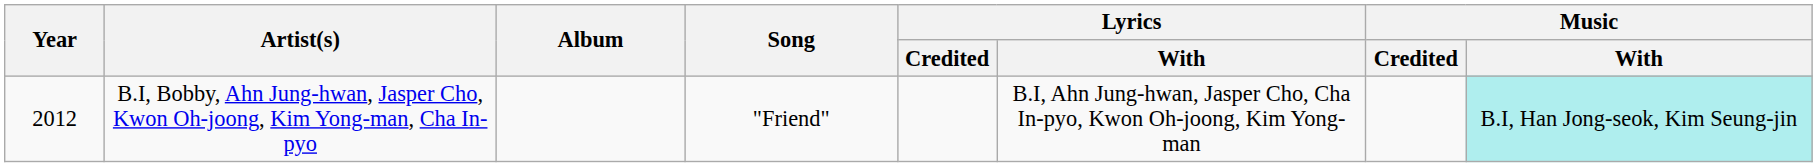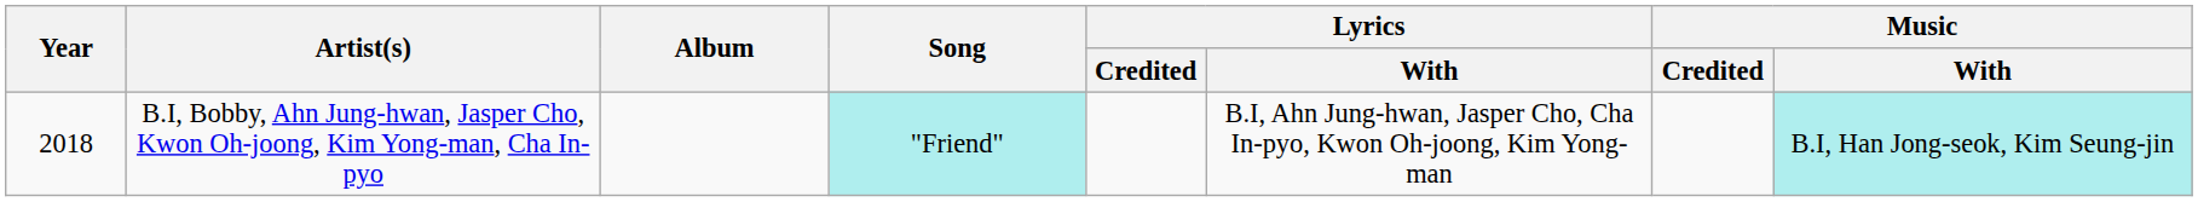 <table class="wikitable" style="text-align:center;">
 <tr>
 <th rowspan="2" style="width:4em;">Year</th>
 <th rowspan="2" style="width:17em;">Artist(s)</th>
 <th rowspan="2" style="width:8em;">Album</th>
 <th rowspan="2" style="width:9em;">Song</th>
 <th colspan="2" style="width:4em;">Lyrics</th>
 <th colspan="2" style="width:4em;">Music</th>
 </tr>
 <tr>
 <th style="width:4em;">Credited</th>
 <th style="width:16em;">With</th>
 <th style="width:4em;">Credited</th>
 <th style="width:15em;">With</th>
 </tr>
 <tr>
-<td>2012</td>
+<td>2018</td>
 <td>B.I, Bobby, <a href='#'>Ahn Jung-hwan</a>, <a href='#'>Jasper Cho</a>, <a href='#'>Kwon Oh-joong</a>, <a href='#'>Kim Yong-man</a>, <a href='#'>Cha In-pyo</a></td>
 <td></td>
-<td>"Friend"</td>
+<td style="background: paleturquoise;">"Friend"</td>
 <td></td>
 <td>B.I, Ahn Jung-hwan, Jasper Cho, Cha In-pyo, Kwon Oh-joong, Kim Yong-man</td>
 <td></td>
 <td style="background: paleturquoise;">B.I, Han Jong-seok, Kim Seung-jin</td>
 </tr>
 </table>
